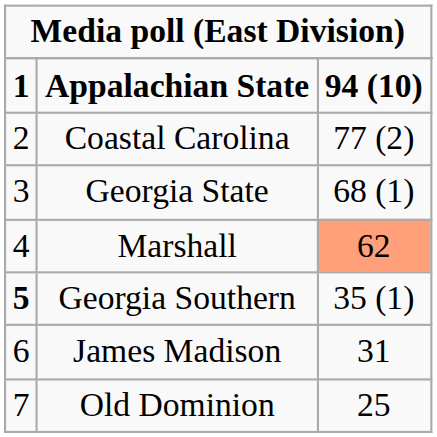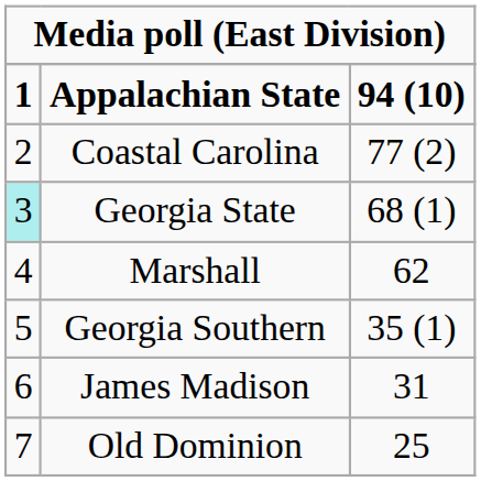 <table class="wikitable" style="display: inline-table;">
 <tr>
 <td align="center" Colspan="3"><strong>Media poll (East Division)</strong></td>
 </tr>
 <tr align="center">
 </tr>
 <tr align="center">
 <td><strong>1</strong></td>
 <td><strong>Appalachian State</strong></td>
 <td><strong>94 (10)</strong></td>
 </tr>
 <tr align="center">
 <td>2</td>
 <td>Coastal Carolina</td>
 <td>77 (2)</td>
 </tr>
 <tr align="center">
-<td>3</td>
+<td style="background: paleturquoise;">3</td>
 <td>Georgia State</td>
 <td>68 (1)</td>
 </tr>
 <tr align="center">
 <td>4</td>
 <td>Marshall</td>
-<td style="background: lightsalmon;">62</td>
+<td>62</td>
 </tr>
 <tr align="center">
-<td><strong>5</strong></td>
+<td>5</td>
 <td>Georgia Southern</td>
 <td>35 (1)</td>
 </tr>
 <tr align="center">
 <td>6</td>
 <td>James Madison</td>
 <td>31</td>
 </tr>
 <tr align="center">
 <td>7</td>
 <td>Old Dominion</td>
 <td>25</td>
 </tr>
 </table>
